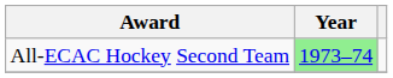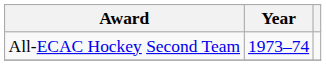 <table class="wikitable">
 <tr>
 <th>Award</th>
 <th>Year</th>
 <th></th>
 </tr>
 <tr>
 <td>All-<a href='#'>ECAC Hockey</a> <a href='#'>Second Team</a></td>
-<td style="background: lightgreen;"><a href='#'>1973–74</a></td>
+<td><a href='#'>1973–74</a></td>
 <td></td>
 </tr>
 <tr>
 </tr>
 </table>
